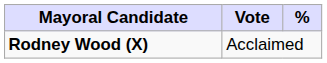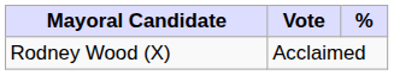 <table class="wikitable">
 <tr>
 <th style="background:#ddf; width:200px;">Mayoral Candidate</th>
 <th style="background:#ddf; width:50px;">Vote</th>
 <th style="background:#ddf; width:30px;">%</th>
 </tr>
 <tr>
-<td><strong>Rodney Wood (X)</strong></td>
+<td>Rodney Wood (X)</td>
 <td colspan="2">Acclaimed</td>
 </tr>
 </table>
